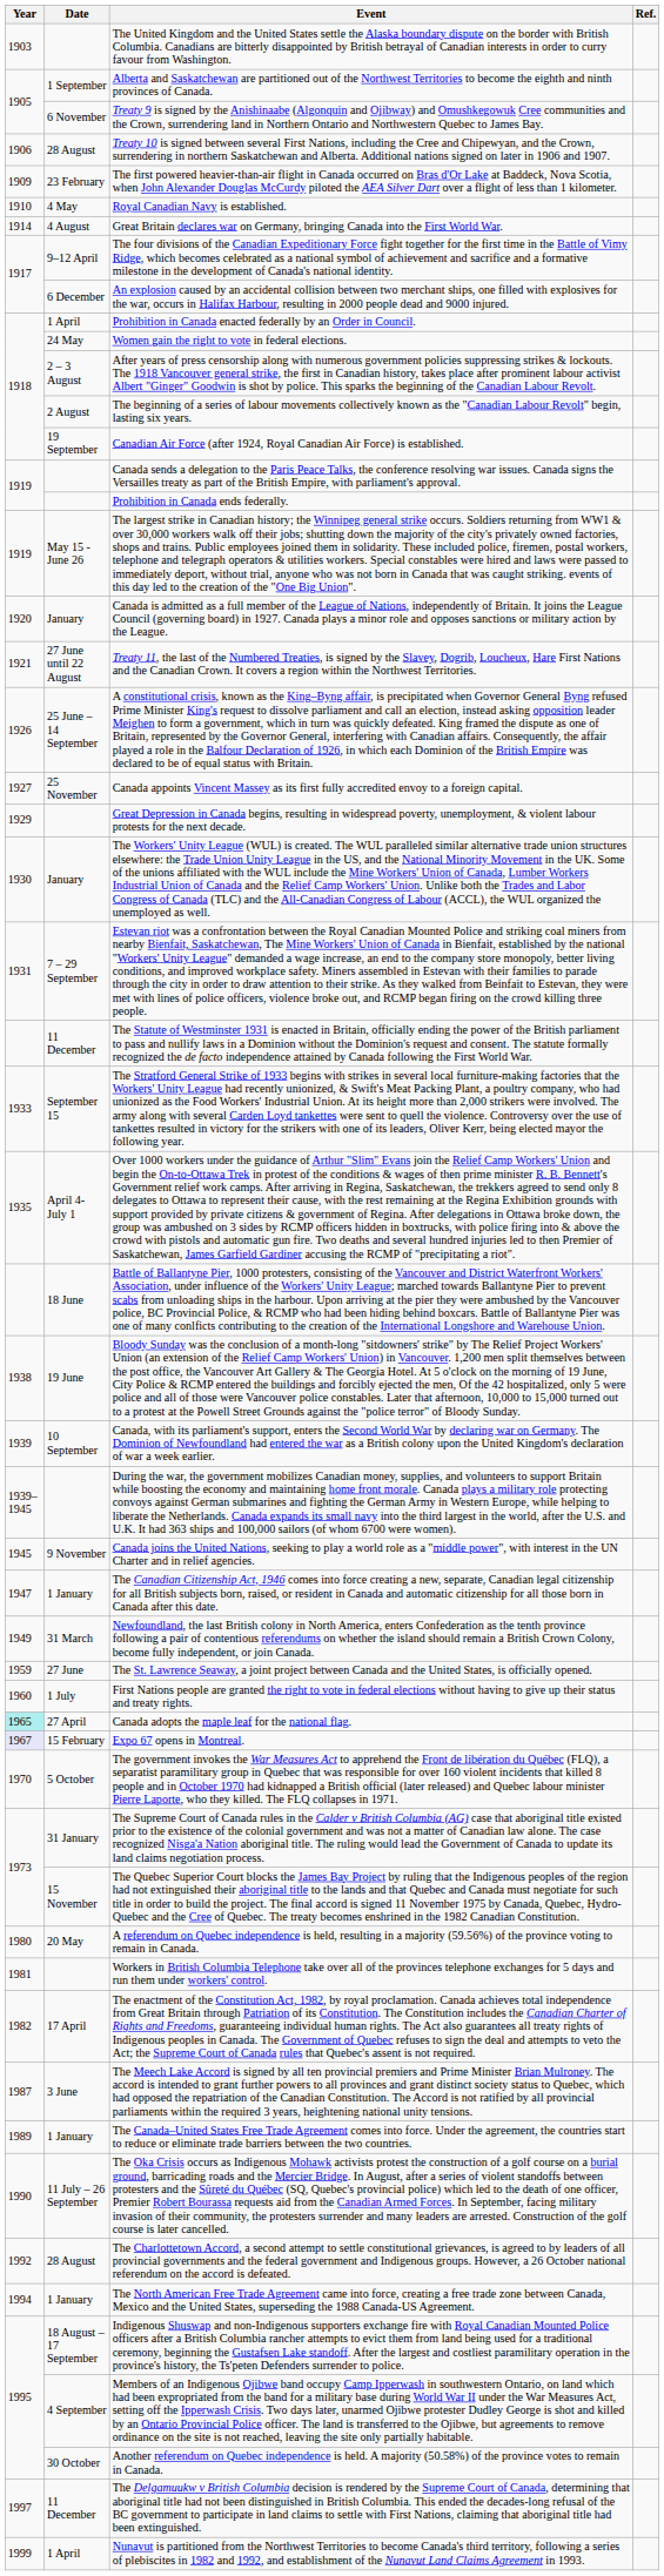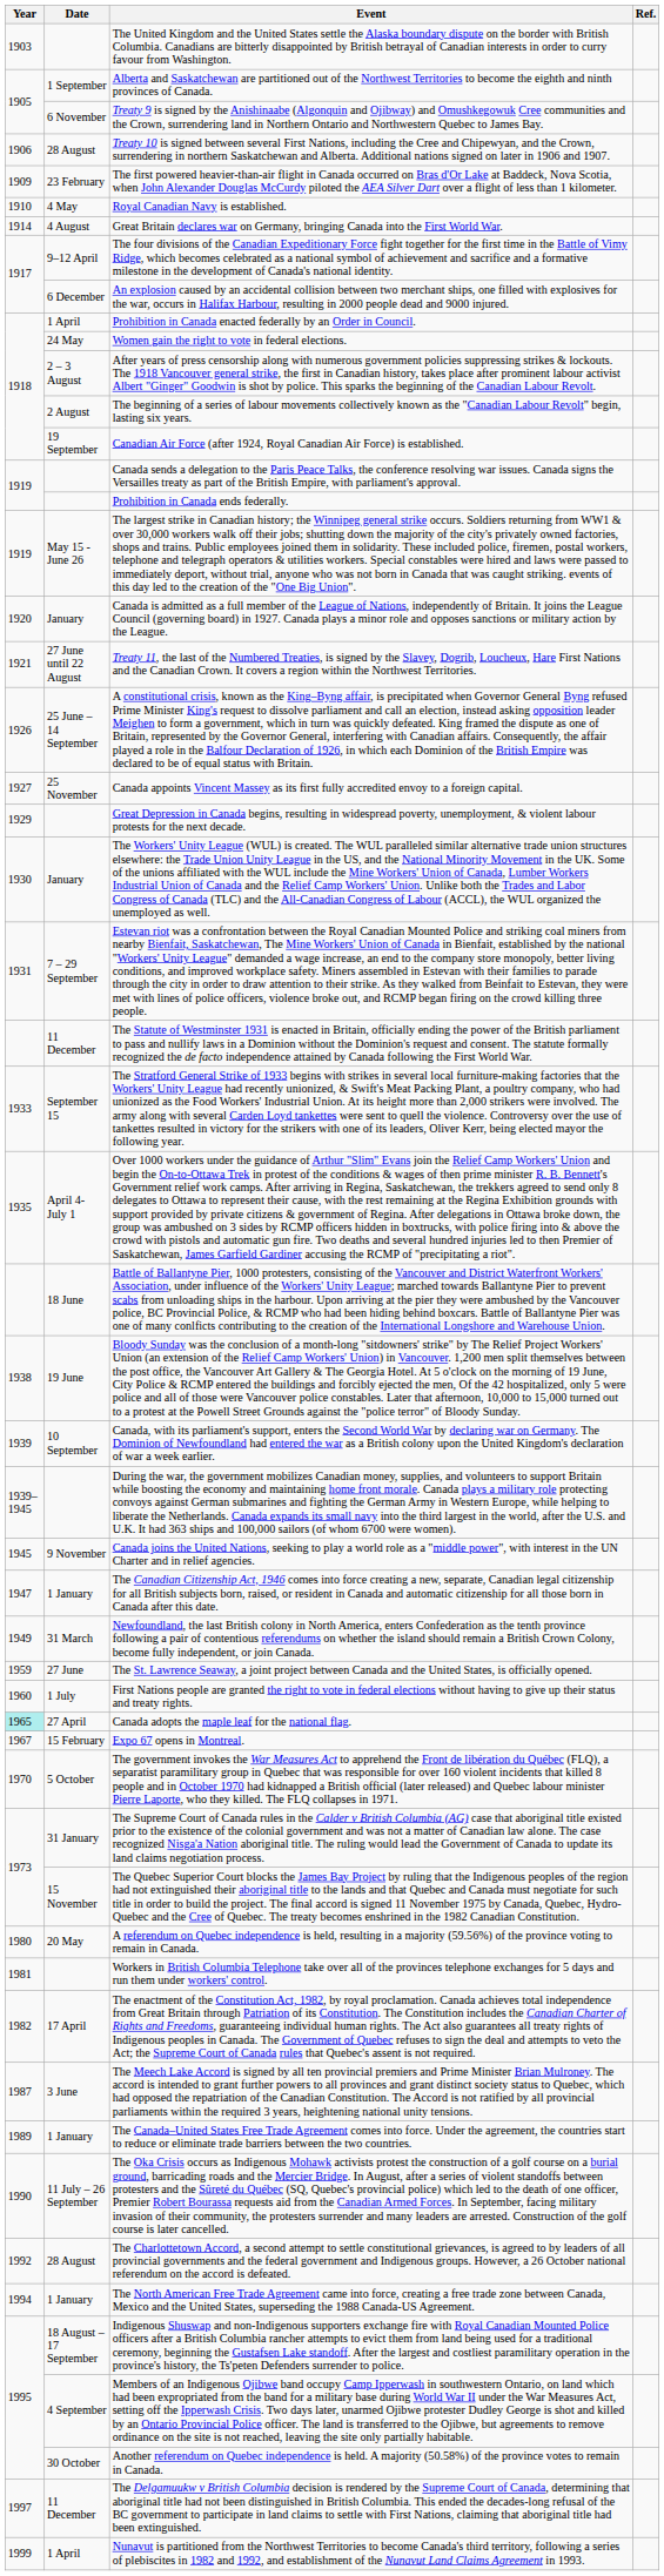 <table class="wikitable" width="100%">
 <tr>
 <th style="width:6%">Year</th>
 <th style="width:10%">Date</th>
 <th>Event</th>
 <th>Ref.</th>
 </tr>
 <tr>
 <td>1903</td>
 <td></td>
 <td>The United Kingdom and the United States settle the <a href='#'>Alaska boundary dispute</a> on the border with British Columbia. Canadians are bitterly disappointed by British betrayal of Canadian interests in order to curry favour from Washington.</td>
 <td></td>
 </tr>
 <tr>
 <td rowspan="2">1905</td>
 <td>1 September</td>
 <td><a href='#'>Alberta</a> and <a href='#'>Saskatchewan</a> are partitioned out of the <a href='#'>Northwest Territories</a> to become the eighth and ninth provinces of Canada.</td>
 <td></td>
 </tr>
 <tr>
 <td>6 November</td>
 <td><em><a href='#'>Treaty 9</a></em> is signed by the <a href='#'>Anishinaabe</a> (<a href='#'>Algonquin</a> and <a href='#'>Ojibway</a>) and <a href='#'>Omushkegowuk</a> <a href='#'>Cree</a> communities and the Crown, surrendering land in Northern Ontario and Northwestern Quebec to James Bay.</td>
 <td></td>
 </tr>
 <tr>
 <td>1906</td>
 <td>28 August</td>
 <td><em><a href='#'>Treaty 10</a></em> is signed between several First Nations, including the Cree and Chipewyan, and the Crown, surrendering  in northern Saskatchewan and Alberta. Additional nations signed on later in 1906 and 1907.</td>
 <td></td>
 </tr>
 <tr>
 <td>1909</td>
 <td>23 February</td>
 <td>The first powered heavier-than-air flight in Canada occurred on <a href='#'>Bras d'Or Lake</a> at Baddeck, Nova Scotia, when <a href='#'>John Alexander Douglas McCurdy</a> piloted the <em><a href='#'>AEA Silver Dart</a></em> over a flight of less than 1 kilometer.</td>
 <td></td>
 </tr>
 <tr>
 <td>1910</td>
 <td>4 May</td>
 <td><a href='#'>Royal Canadian Navy</a> is established.</td>
 <td></td>
 </tr>
 <tr>
 <td>1914</td>
 <td>4 August</td>
 <td>Great Britain <a href='#'>declares war</a> on Germany, bringing Canada into the <a href='#'>First World War</a>.</td>
 <td></td>
 </tr>
 <tr>
 <td rowspan="2">1917</td>
 <td>9–12 April</td>
 <td>The four divisions of the <a href='#'>Canadian Expeditionary Force</a> fight together for the first time in the <a href='#'>Battle of Vimy Ridge</a>, which becomes celebrated as a national symbol of achievement and sacrifice and a formative milestone in the development of Canada's national identity.</td>
 <td></td>
 </tr>
 <tr>
 <td>6 December</td>
 <td><a href='#'>An explosion</a> caused by an accidental collision between two merchant ships, one filled with explosives for the war, occurs in <a href='#'>Halifax Harbour</a>, resulting in 2000 people dead and 9000 injured.</td>
 <td></td>
 </tr>
 <tr>
 <td rowspan="5">1918</td>
 <td>1 April</td>
 <td><a href='#'>Prohibition in Canada</a> enacted federally by an <a href='#'>Order in Council</a>.</td>
 <td></td>
 </tr>
 <tr>
 <td>24 May</td>
 <td><a href='#'>Women gain the right to vote</a> in federal elections.</td>
 <td></td>
 </tr>
 <tr>
 <td>2 – 3 August</td>
 <td>After years of press censorship along with numerous government policies suppressing strikes & lockouts. The <a href='#'>1918 Vancouver general strike</a>, the first in Canadian history, takes place after prominent labour activist <a href='#'>Albert "Ginger" Goodwin</a> is shot by police. This sparks the beginning of the <a href='#'>Canadian Labour Revolt</a>.</td>
 <td></td>
 </tr>
 <tr>
 <td>2 August</td>
 <td>The beginning of a series of labour movements collectively known as the "<a href='#'>Canadian Labour Revolt</a>" begin, lasting six years.</td>
 <td></td>
 </tr>
 <tr>
 <td>19 September</td>
 <td><a href='#'>Canadian Air Force</a> (after 1924, Royal Canadian Air Force) is established.</td>
 <td></td>
 </tr>
 <tr>
 <td rowspan="2">1919</td>
 <td></td>
 <td>Canada sends a delegation to the <a href='#'>Paris Peace Talks</a>, the conference resolving war issues. Canada signs the Versailles treaty as part of the British Empire, with parliament's approval.</td>
 <td></td>
 </tr>
 <tr>
 <td></td>
 <td><a href='#'>Prohibition in Canada</a> ends federally.</td>
 <td></td>
 </tr>
 <tr>
 <td>1919</td>
 <td>May 15 -June 26</td>
 <td>The largest strike in Canadian history; the <a href='#'>Winnipeg general strike</a>  occurs. Soldiers returning from WW1 & over 30,000 workers walk off their jobs; shutting down the majority of the city's privately owned factories, shops and trains. Public employees joined them in solidarity. These included police, firemen, postal workers, telephone and telegraph	operators & utilities workers. Special constables were hired and laws were passed to immediately deport, without trial, anyone who was not born in Canada that was caught striking. events of this day led to the creation of the "<a href='#'>One Big Union</a>".</td>
 <td></td>
 </tr>
 <tr>
 <td>1920</td>
 <td>January</td>
 <td>Canada is admitted as a full member of the <a href='#'>League of Nations</a>, independently of Britain. It joins the League Council (governing board) in 1927. Canada plays a minor role and opposes sanctions or military action by the League.</td>
 <td></td>
 </tr>
 <tr>
 <td>1921</td>
 <td>27 June until 22 August</td>
 <td><em><a href='#'>Treaty 11</a></em>, the last of the <a href='#'>Numbered Treaties</a>, is signed by the <a href='#'>Slavey</a>, <a href='#'>Dogrib</a>, <a href='#'>Loucheux</a>, <a href='#'>Hare</a> First Nations and the Canadian Crown. It covers a region within the Northwest Territories.</td>
 <td></td>
 </tr>
 <tr>
 <td>1926</td>
 <td>25 June – 14 September</td>
 <td>A <a href='#'>constitutional crisis</a>, known as the <a href='#'>King–Byng affair</a>, is precipitated when Governor General <a href='#'>Byng</a> refused Prime Minister <a href='#'>King's</a> request to dissolve parliament and call an election, instead asking <a href='#'>opposition</a> leader <a href='#'>Meighen</a> to form a government, which in turn was quickly defeated. King framed the dispute as one of Britain, represented by the Governor General, interfering with Canadian affairs. Consequently, the affair played a role in the <a href='#'>Balfour Declaration of 1926</a>, in which each Dominion of the <a href='#'>British Empire</a> was declared to be of equal status with Britain.</td>
 <td></td>
 </tr>
 <tr>
 <td>1927</td>
 <td>25 November</td>
 <td>Canada appoints <a href='#'>Vincent Massey</a> as its first fully accredited envoy to a foreign capital.</td>
 <td></td>
 </tr>
 <tr>
 <td>1929</td>
 <td></td>
 <td><a href='#'>Great Depression in Canada</a> begins, resulting in widespread poverty, unemployment, & violent labour protests for the next decade.</td>
 <td></td>
 </tr>
 <tr>
 <td>1930</td>
 <td>January</td>
 <td>The <a href='#'>Workers' Unity League</a> (WUL) is created. The WUL paralleled similar alternative trade union structures elsewhere: the <a href='#'>Trade Union Unity League</a> in the US, and the <a href='#'>National Minority Movement</a> in the UK. Some of the unions affiliated with the WUL include the <a href='#'>Mine Workers' Union of Canada</a>, <a href='#'>Lumber Workers Industrial Union of Canada</a> and the <a href='#'>Relief Camp Workers' Union</a>. Unlike both the <a href='#'>Trades and Labor Congress of Canada</a> (TLC) and the <a href='#'>All-Canadian Congress of Labour</a> (ACCL), the WUL organized the unemployed as well.</td>
 </tr>
 <tr>
 <td>1931</td>
 <td>7 – 29 September</td>
 <td><a href='#'>Estevan riot</a> was a confrontation between the Royal Canadian Mounted Police and striking coal miners from nearby <a href='#'>Bienfait, Saskatchewan</a>, The <a href='#'>Mine Workers' Union of Canada</a> in Bienfait, established by the national "<a href='#'>Workers' Unity League</a>" demanded a wage increase, an end to the company store monopoly, better living conditions, and improved workplace safety. Miners assembled in Estevan with their families to parade through the city in order to draw attention to their strike. As they walked from Beinfait to Estevan, they were met with lines of police officers, violence broke out, and RCMP began firing on the crowd killing three people.</td>
 <td></td>
 </tr>
 <tr ->
 <td></td>
 <td>11 December</td>
 <td>The <a href='#'>Statute of Westminster 1931</a> is enacted in Britain, officially ending the power of the British parliament to pass and nullify laws in a Dominion without the Dominion's request and consent. The statute formally recognized the <em>de facto</em> independence attained by Canada following the First World War.</td>
 <td></td>
 </tr>
 <tr>
 <td>1933</td>
 <td>September 15</td>
 <td>The <a href='#'>Stratford General Strike of 1933</a> begins with strikes in several local furniture-making factories that the <a href='#'>Workers' Unity League</a> had recently unionized, & Swift's Meat Packing Plant, a poultry company, who had unionized as the Food Workers' Industrial Union. At its height more than 2,000 strikers were involved. The army along with several <a href='#'>Carden Loyd tankettes</a> were sent to quell the violence. Controversy over the use of tankettes resulted in victory for the strikers with one of its leaders, Oliver Kerr, being elected mayor the following year.</td>
 <td></td>
 </tr>
 <tr>
 <td>1935</td>
 <td>April 4- July 1</td>
 <td>Over 1000 workers under the guidance of <a href='#'>Arthur "Slim" Evans</a> join the <a href='#'>Relief Camp Workers' Union</a> and begin the <a href='#'>On-to-Ottawa Trek</a> in protest of the conditions & wages of then prime minister <a href='#'>R. B. Bennett</a>'s Government relief work camps. After arriving in Regina, Saskatchewan, the trekkers agreed to send only 8 delegates to Ottawa to represent their cause, with the rest remaining at the Regina Exhibition grounds with support provided by private citizens & government of Regina. After delegations in Ottawa broke down, the group was ambushed on 3 sides by RCMP officers hidden in boxtrucks, with police firing into & above the crowd with pistols and automatic gun fire. Two deaths and several hundred injuries led to then Premier of Saskatchewan, <a href='#'>James Garfield Gardiner</a> accusing the RCMP of "precipitating a riot".</td>
 <td></td>
 </tr>
 <tr>
 <td></td>
 <td>18 June</td>
 <td><a href='#'>Battle of Ballantyne Pier</a>, 1000 protesters, consisting of the <a href='#'>Vancouver and District Waterfront Workers' Association</a>, under influence of the <a href='#'>Workers' Unity League</a>; marched towards Ballantyne Pier to prevent <a href='#'>scabs</a> from unloading ships in the harbour. Upon arriving at the pier they were ambushed by the Vancouver police, BC Provincial Police, & RCMP who had been hiding behind boxcars. Battle of Ballantyne Pier was one of many conlficts contributing to the creation of the <a href='#'>International Longshore and Warehouse Union</a>.</td>
 <td></td>
 </tr>
 <tr>
 <td>1938</td>
 <td>19 June</td>
 <td><a href='#'>Bloody Sunday</a> was the conclusion of a month-long "sitdowners' strike" by The Relief Project Workers' Union (an extension of the <a href='#'>Relief Camp Workers' Union</a>) in <a href='#'>Vancouver</a>. 1,200 men split themselves between the post office, the Vancouver Art Gallery & The Georgia Hotel. At 5 o'clock on the morning of 19 June, City Police & RCMP entered the buildings and forcibly ejected the men, Of the 42 hospitalized, only 5 were police and all of those were Vancouver police constables. Later that afternoon, 10,000 to 15,000 turned out to a protest at the Powell Street Grounds against the "police terror" of Bloody Sunday.</td>
 </tr>
 <tr>
 <td>1939</td>
 <td>10 September</td>
 <td>Canada, with its parliament's support, enters the <a href='#'>Second World War</a> by <a href='#'>declaring war on Germany</a>. The <a href='#'>Dominion of Newfoundland</a> had <a href='#'>entered the war</a> as a British colony upon the United Kingdom's declaration of war a week earlier.</td>
 <td></td>
 </tr>
 <tr>
 <td>1939–1945</td>
 <td></td>
 <td>During the war, the government mobilizes Canadian money, supplies, and volunteers to support Britain while boosting the economy and maintaining <a href='#'>home front morale</a>. Canada <a href='#'>plays a military role</a> protecting convoys against German submarines and fighting the German Army in Western Europe, while helping to liberate the Netherlands. <a href='#'>Canada expands its small navy</a> into the third largest in the world, after the U.S. and U.K. It had 363 ships and 100,000 sailors (of whom 6700 were women).</td>
 <td><br></td>
 </tr>
 <tr>
 <td>1945</td>
 <td>9 November</td>
 <td><a href='#'>Canada joins the United Nations</a>, seeking to play a world role as a "<a href='#'>middle power</a>", with interest in the UN Charter and in relief agencies.</td>
 <td></td>
 </tr>
 <tr>
 <td>1947</td>
 <td>1 January</td>
 <td>The <em><a href='#'>Canadian Citizenship Act, 1946</a></em> comes into force creating a new, separate, Canadian legal citizenship for all British subjects born, raised, or resident in Canada and automatic citizenship for all those born in Canada after this date.</td>
 <td></td>
 </tr>
 <tr>
 <td>1949</td>
 <td>31 March</td>
 <td><a href='#'>Newfoundland</a>, the last British colony in North America, enters Confederation as the tenth province following a pair of contentious <a href='#'>referendums</a> on whether the island should remain a British Crown Colony, become fully independent, or join Canada.</td>
 <td></td>
 </tr>
 <tr>
 <td>1959</td>
 <td>27 June</td>
 <td>The <a href='#'>St. Lawrence Seaway</a>, a joint project between Canada and the United States, is officially opened.</td>
 <td></td>
 </tr>
 <tr>
 <td>1960</td>
 <td>1 July</td>
 <td>First Nations people are granted <a href='#'>the right to vote in federal elections</a> without having to give up their status and treaty rights.</td>
 <td></td>
 </tr>
 <tr>
 <td style="background: paleturquoise;">1965</td>
 <td>27 April</td>
 <td>Canada adopts the <a href='#'>maple leaf</a> for the <a href='#'>national flag</a>.</td>
 <td></td>
 </tr>
 <tr>
-<td style="background: lavender;">1967</td>
+<td>1967</td>
 <td>15 February</td>
 <td><a href='#'>Expo 67</a> opens in <a href='#'>Montreal</a>.</td>
 </tr>
 <tr>
 <td>1970</td>
 <td>5 October</td>
 <td>The government invokes the <em><a href='#'>War Measures Act</a></em> to apprehend the <a href='#'>Front de libération du Québec</a> (FLQ), a separatist paramilitary group in Quebec that was responsible for over 160 violent incidents that killed 8 people and in <a href='#'>October 1970</a> had kidnapped a British official (later released) and Quebec labour minister <a href='#'>Pierre Laporte</a>, who they killed. The FLQ collapses in 1971.</td>
 <td></td>
 </tr>
 <tr>
 <td rowspan="2">1973</td>
 <td>31 January</td>
 <td>The Supreme Court of Canada rules in the <em><a href='#'>Calder v British Columbia (AG)</a></em> case that aboriginal title existed prior to the existence of the colonial government and was not a matter of Canadian law alone. The case recognized <a href='#'>Nisga'a Nation</a> aboriginal title. The ruling would lead the Government of Canada to update its land claims negotiation process.</td>
 <td></td>
 </tr>
 <tr>
 <td>15 November</td>
 <td>The Quebec Superior Court blocks the <a href='#'>James Bay Project</a> by ruling that the Indigenous peoples of the region had not extinguished their <a href='#'>aboriginal title</a> to the lands and that Quebec and Canada must negotiate for such title in order to build the project. The final accord is signed 11 November 1975 by Canada, Quebec, Hydro-Quebec and the <a href='#'>Cree</a> of Quebec. The treaty becomes enshrined in the 1982 Canadian Constitution.</td>
 <td></td>
 </tr>
 <tr>
 <td>1980</td>
 <td>20 May</td>
 <td>A <a href='#'>referendum on Quebec independence</a> is held, resulting in a majority (59.56%) of the province voting to remain in Canada.</td>
 <td></td>
 </tr>
 <tr>
 <td>1981</td>
 <td></td>
 <td>Workers in <a href='#'>British Columbia Telephone</a> take over all of the provinces telephone exchanges for 5 days and run them under <a href='#'>workers' control</a>.</td>
 <td></td>
 </tr>
 <tr>
 <td>1982</td>
 <td>17 April</td>
 <td>The enactment of the <a href='#'>Constitution Act, 1982</a>, by royal proclamation. Canada achieves total independence from Great Britain through <a href='#'>Patriation</a> of its <a href='#'>Constitution</a>. The Constitution includes the <em><a href='#'>Canadian Charter of Rights and Freedoms</a></em>, guaranteeing individual human rights. The Act also guarantees all treaty rights of Indigenous peoples in Canada. The <a href='#'>Government of Quebec</a> refuses to sign the deal and attempts to veto the Act; the <a href='#'>Supreme Court of Canada</a> <a href='#'>rules</a> that Quebec's assent is not required.</td>
 <td></td>
 </tr>
 <tr>
 <td>1987</td>
 <td>3 June</td>
 <td>The <a href='#'>Meech Lake Accord</a> is signed by all ten provincial premiers and Prime Minister <a href='#'>Brian Mulroney</a>. The accord is intended to grant further powers to all provinces and grant distinct society status to Quebec, which had opposed the repatriation of the Canadian Constitution. The Accord is not ratified by all provincial parliaments within the required 3 years, heightening national unity tensions.</td>
 <td></td>
 </tr>
 <tr>
 <td>1989</td>
 <td>1 January</td>
 <td>The <a href='#'>Canada–United States Free Trade Agreement</a> comes into force. Under the agreement, the countries start to reduce or eliminate trade barriers between the two countries.</td>
 <td></td>
 </tr>
 <tr>
 <td>1990</td>
 <td>11 July – 26 September</td>
 <td>The <a href='#'>Oka Crisis</a> occurs as Indigenous <a href='#'>Mohawk</a> activists protest the construction of a golf course on a <a href='#'>burial ground</a>, barricading roads and the <a href='#'>Mercier Bridge</a>. In August, after a series of violent standoffs between protesters and the <a href='#'>Sûreté du Québec</a> (SQ, Quebec's provincial police) which led to the death of one officer, Premier <a href='#'>Robert Bourassa</a> requests aid from the <a href='#'>Canadian Armed Forces</a>. In September, facing military invasion of their community, the protesters surrender and many leaders are arrested. Construction of the golf course is later cancelled.</td>
 <td></td>
 </tr>
 <tr>
 <td>1992</td>
 <td>28 August</td>
 <td>The <a href='#'>Charlottetown Accord</a>, a second attempt to settle constitutional grievances, is agreed to by leaders of all provincial governments and the federal government and Indigenous groups. However, a 26 October national referendum on the accord is defeated.</td>
 <td></td>
 </tr>
 <tr>
 <td>1994</td>
 <td>1 January</td>
 <td>The <a href='#'>North American Free Trade Agreement</a> came into force, creating a free trade zone between Canada, Mexico and the United States, superseding the 1988 Canada-US Agreement.</td>
 <td></td>
 </tr>
 <tr>
 <td rowspan="3">1995</td>
 <td>18 August – 17 September</td>
 <td>Indigenous <a href='#'>Shuswap</a> and non-Indigenous supporters exchange fire with <a href='#'>Royal Canadian Mounted Police</a> officers after a British Columbia rancher attempts to evict them from land being used for a traditional ceremony, beginning the <a href='#'>Gustafsen Lake standoff</a>. After the largest and costliest paramilitary operation in the province's history, the Ts'peten Defenders surrender to police.</td>
 <td></td>
 </tr>
 <tr>
 <td>4 September</td>
 <td>Members of an Indigenous <a href='#'>Ojibwe</a> band occupy <a href='#'>Camp Ipperwash</a> in southwestern Ontario, on land which had been expropriated from the band for a military base during <a href='#'>World War II</a> under the War Measures Act, setting off the <a href='#'>Ipperwash Crisis</a>. Two days later, unarmed Ojibwe protester Dudley George is shot and killed by an <a href='#'>Ontario Provincial Police</a> officer. The land is transferred to the Ojibwe, but agreements to remove ordinance on the site is not reached, leaving the site only partially habitable.</td>
 <td></td>
 </tr>
 <tr>
 <td>30 October</td>
 <td>Another <a href='#'>referendum on Quebec independence</a> is held. A majority (50.58%) of the province votes to remain in Canada.</td>
 <td></td>
 </tr>
 <tr>
 <td>1997</td>
 <td>11 December</td>
 <td>The <em><a href='#'>Delgamuukw v British Columbia</a></em> decision is rendered by the <a href='#'>Supreme Court of Canada</a>, determining that aboriginal title had not been distinguished in British Columbia. This ended the decades-long refusal of the BC government to participate in land claims to settle with First Nations, claiming that aboriginal title had been extinguished.</td>
 <td></td>
 </tr>
 <tr>
 <td>1999</td>
 <td>1 April</td>
 <td><a href='#'>Nunavut</a> is partitioned from the Northwest Territories to become Canada's third territory, following a series of plebiscites in <a href='#'>1982</a> and <a href='#'>1992</a>, and establishment of the <em><a href='#'>Nunavut Land Claims Agreement</a></em> in 1993.</td>
 <td></td>
 </tr>
 </table>
